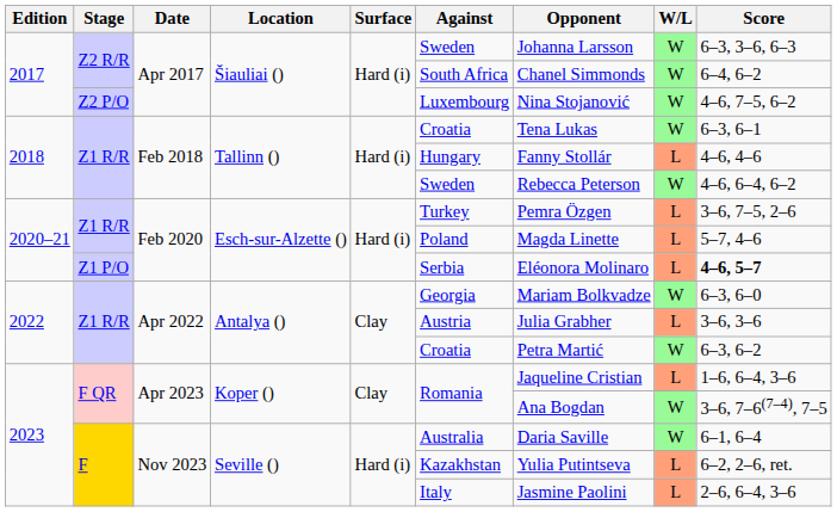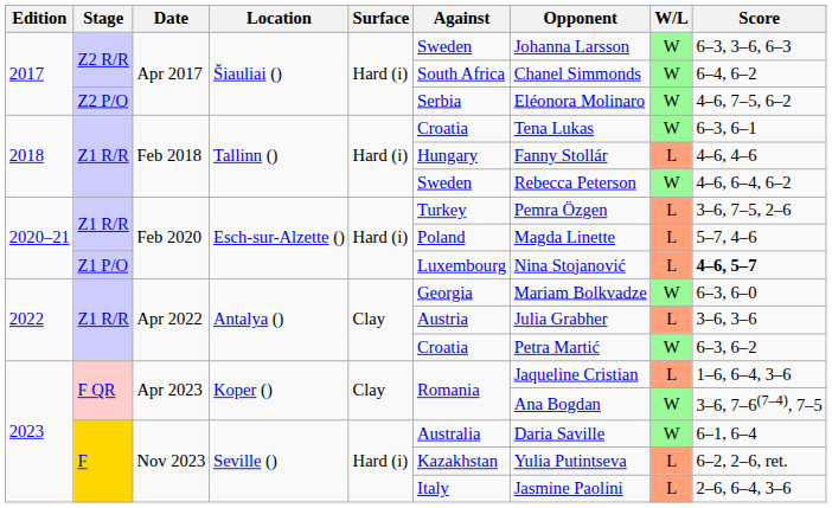 <table class=wikitable>
 <tr>
 <th>Edition</th>
 <th>Stage</th>
 <th>Date</th>
 <th>Location</th>
 <th>Surface</th>
 <th>Against</th>
 <th>Opponent</th>
 <th>W/L</th>
 <th>Score</th>
 </tr>
 <tr>
 <td rowspan="3"><a href='#'>2017</a></td>
 <td bgcolor=#ccf rowspan="2"><a href='#'>Z2 R/R</a></td>
 <td rowspan="3">Apr 2017</td>
 <td rowspan="3"><a href='#'>Šiauliai</a> ()</td>
 <td rowspan="3">Hard (i)</td>
 <td> <a href='#'>Sweden</a></td>
 <td><a href='#'>Johanna Larsson</a></td>
 <td style="text-align:center; background:#98fb98;">W</td>
 <td>6–3, 3–6, 6–3</td>
 </tr>
 <tr>
 <td> <a href='#'>South Africa</a></td>
 <td><a href='#'>Chanel Simmonds</a></td>
 <td style="text-align:center; background:#98fb98;">W</td>
 <td>6–4, 6–2</td>
 </tr>
 <tr>
 <td bgcolor=#ccf><a href='#'>Z2 P/O</a></td>
-<td> <a href='#'>Luxembourg</a></td>
-<td><a href='#'>Nina Stojanović</a></td>
+<td> <a href='#'>Serbia</a></td>
+<td><a href='#'>Eléonora Molinaro</a></td>
 <td style="text-align:center; background:#98fb98;">W</td>
 <td>4–6, 7–5, 6–2</td>
 </tr>
 <tr>
 <td rowspan="3"><a href='#'>2018</a></td>
 <td bgcolor=#ccf rowspan="3"><a href='#'>Z1 R/R</a></td>
 <td rowspan="3">Feb 2018</td>
 <td rowspan="3"><a href='#'>Tallinn</a> ()</td>
 <td rowspan="3">Hard (i)</td>
 <td> <a href='#'>Croatia</a></td>
 <td><a href='#'>Tena Lukas</a></td>
 <td style="text-align:center; background:#98fb98;">W</td>
 <td>6–3, 6–1</td>
 </tr>
 <tr>
 <td> <a href='#'>Hungary</a></td>
 <td><a href='#'>Fanny Stollár</a></td>
 <td style="text-align:center; background:#FFA07A;">L</td>
 <td>4–6, 4–6</td>
 </tr>
 <tr>
 <td> <a href='#'>Sweden</a></td>
 <td><a href='#'>Rebecca Peterson</a></td>
 <td style="text-align:center; background:#98fb98;">W</td>
 <td>4–6, 6–4, 6–2</td>
 </tr>
 <tr>
 <td rowspan="3"><a href='#'>2020–21</a></td>
 <td bgcolor=#ccf rowspan="2"><a href='#'>Z1 R/R</a></td>
 <td rowspan="3">Feb 2020</td>
 <td rowspan="3"><a href='#'>Esch-sur-Alzette</a> ()</td>
 <td rowspan="3">Hard (i)</td>
 <td> <a href='#'>Turkey</a></td>
 <td><a href='#'>Pemra Özgen</a></td>
 <td style="text-align:center; background:#FFA07A;">L</td>
 <td>3–6, 7–5, 2–6</td>
 </tr>
 <tr>
 <td> <a href='#'>Poland</a></td>
 <td><a href='#'>Magda Linette</a></td>
 <td style="text-align:center; background:#FFA07A;">L</td>
 <td>5–7, 4–6</td>
 </tr>
 <tr>
 <td bgcolor=#ccf><a href='#'>Z1 P/O</a></td>
-<td> <a href='#'>Serbia</a></td>
-<td><a href='#'>Eléonora Molinaro</a></td>
+<td> <a href='#'>Luxembourg</a></td>
+<td><a href='#'>Nina Stojanović</a></td>
 <td style="text-align:center; background:#FFA07A;">L</td>
 <td><strong>4–6, 5–7</strong></td>
 </tr>
 <tr>
 <td rowspan="3"><a href='#'>2022</a></td>
 <td bgcolor=#ccf rowspan="3"><a href='#'>Z1 R/R</a></td>
 <td rowspan="3">Apr 2022</td>
 <td rowspan="3"><a href='#'>Antalya</a> ()</td>
 <td rowspan="3">Clay</td>
 <td> <a href='#'>Georgia</a></td>
 <td><a href='#'>Mariam Bolkvadze</a></td>
 <td style="text-align:center; background:#98fb98;">W</td>
 <td>6–3, 6–0</td>
 </tr>
 <tr>
 <td> <a href='#'>Austria</a></td>
 <td><a href='#'>Julia Grabher</a></td>
 <td style="text-align:center; background:#FFA07A;">L</td>
 <td>3–6, 3–6</td>
 </tr>
 <tr>
 <td> <a href='#'>Croatia</a></td>
 <td><a href='#'>Petra Martić</a></td>
 <td style="text-align:center; background:#98fb98;">W</td>
 <td>6–3, 6–2</td>
 </tr>
 <tr>
 <td rowspan="5"><a href='#'>2023</a></td>
 <td rowspan="2" bgcolor=#fcc><a href='#'>F QR</a></td>
 <td rowspan="2">Apr 2023</td>
 <td rowspan="2"><a href='#'>Koper</a> ()</td>
 <td rowspan="2">Clay</td>
 <td rowspan="2"> <a href='#'>Romania</a></td>
 <td><a href='#'>Jaqueline Cristian</a></td>
 <td style="text-align:center; background:#FFA07A;">L</td>
 <td>1–6, 6–4, 3–6</td>
 </tr>
 <tr>
 <td><a href='#'>Ana Bogdan</a></td>
 <td style="text-align:center; background:#98fb98;">W</td>
 <td>3–6, 7–6<sup>(7–4)</sup>, 7–5</td>
 </tr>
 <tr>
 <td rowspan="3" bgcolor="gold"><a href='#'>F</a></td>
 <td rowspan="3">Nov 2023</td>
 <td rowspan="3"><a href='#'>Seville</a> ()</td>
 <td rowspan="3">Hard (i)</td>
 <td> <a href='#'>Australia</a></td>
 <td><a href='#'>Daria Saville</a></td>
 <td style="text-align:center; background:#98fb98;">W</td>
 <td>6–1, 6–4</td>
 </tr>
 <tr>
 <td> <a href='#'>Kazakhstan</a></td>
 <td><a href='#'>Yulia Putintseva</a></td>
 <td style="text-align:center; background:#FFA07A;">L</td>
 <td>6–2, 2–6, ret.</td>
 </tr>
 <tr>
 <td> <a href='#'>Italy</a></td>
 <td><a href='#'>Jasmine Paolini</a></td>
 <td style="text-align:center; background:#FFA07A;">L</td>
 <td>2–6, 6–4, 3–6</td>
 </tr>
 </table>
